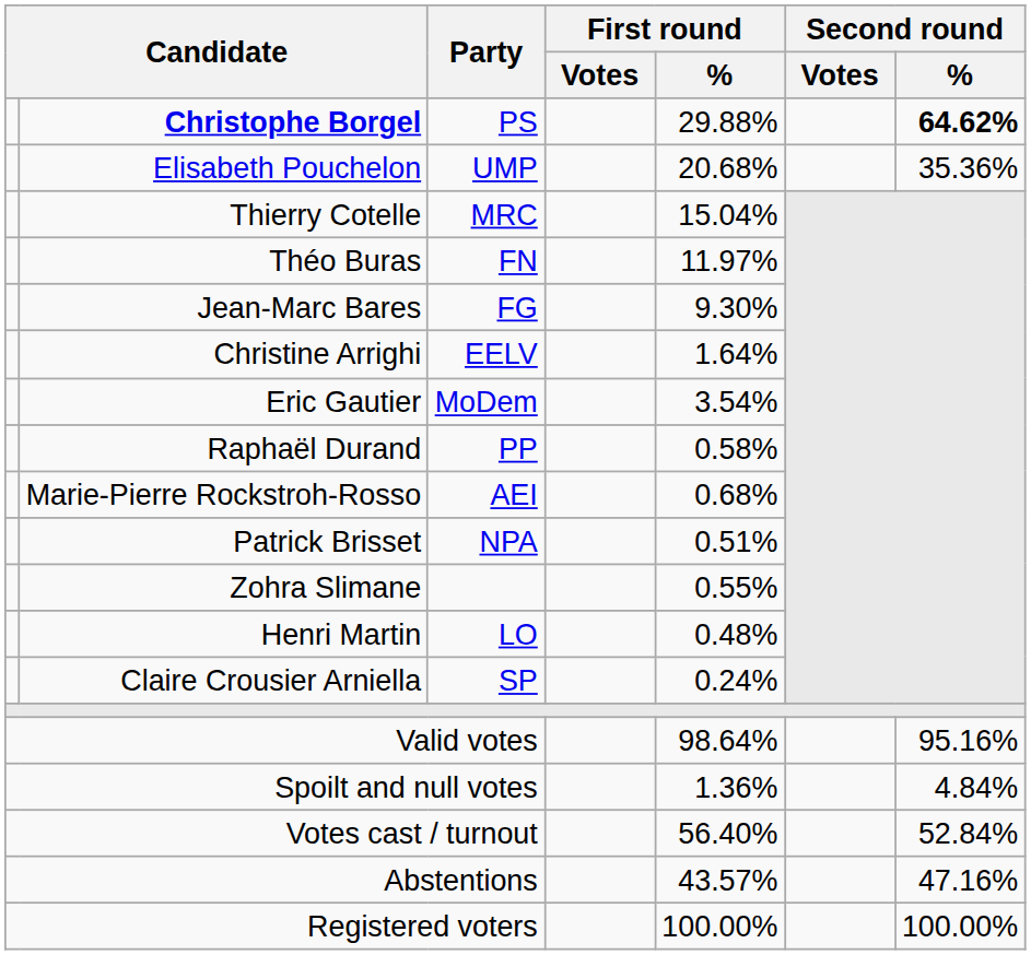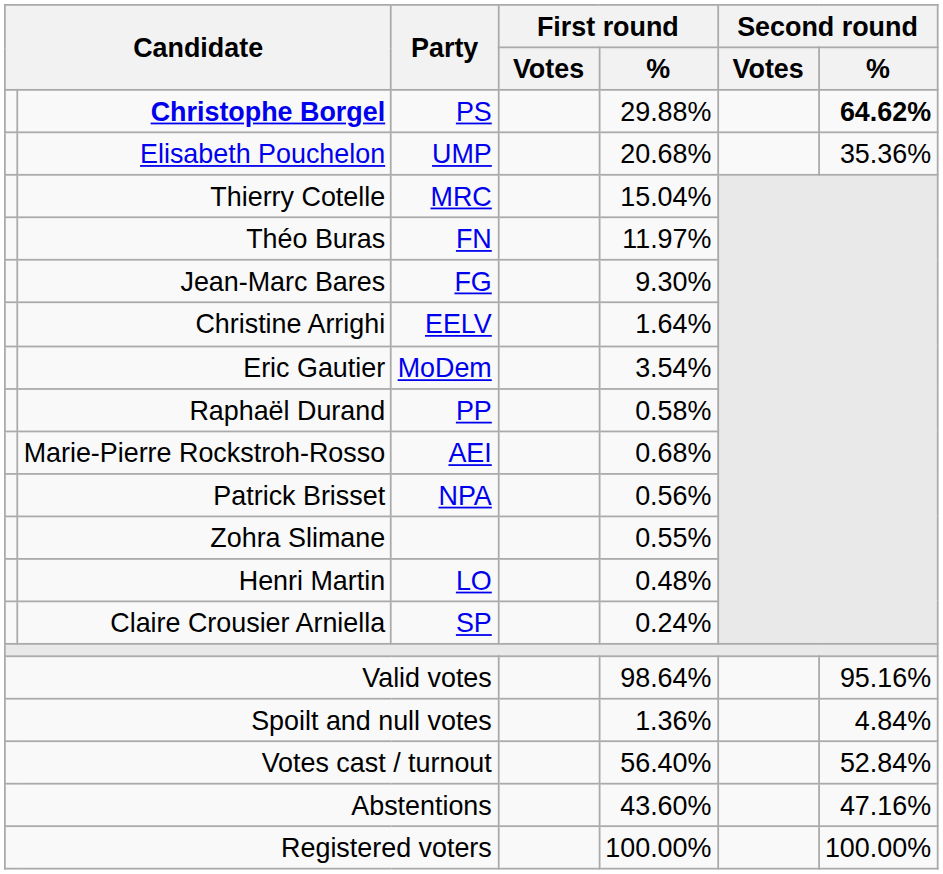 <table class="wikitable" style="text-align:right;font-size:95%;">
 <tr>
 <th rowspan=2 colspan=2>Candidate</th>
 <th rowspan=2 colspan=1>Party</th>
 <th colspan=2>First round</th>
 <th colspan=2>Second round</th>
 </tr>
 <tr>
 <th style="width:50px;">Votes</th>
 <th style="width:55px;">%</th>
 <th style="width:50px;">Votes</th>
 <th style="width:55px;">%</th>
 </tr>
 <tr>
 <td style="color:inherit;background-color:"></td>
 <td><strong><a href='#'>Christophe Borgel</a></strong></td>
 <td><a href='#'>PS</a></td>
 <td></td>
 <td>29.88%</td>
 <td><strong></strong></td>
 <td><strong>64.62%</strong></td>
 </tr>
 <tr>
 <td style="color:inherit;background-color:"></td>
 <td><a href='#'>Elisabeth Pouchelon</a></td>
 <td><a href='#'>UMP</a></td>
 <td></td>
 <td>20.68%</td>
 <td></td>
 <td>35.36%</td>
 </tr>
 <tr>
 <td style="color:inherit;background-color:"></td>
 <td>Thierry Cotelle</td>
 <td><a href='#'>MRC</a></td>
 <td></td>
 <td>15.04%</td>
 <td colspan=7 rowspan=11 style="background-color:#E9E9E9;"></td>
 </tr>
 <tr>
 <td style="color:inherit;background-color:"></td>
 <td>Théo Buras</td>
 <td><a href='#'>FN</a></td>
 <td></td>
 <td>11.97%</td>
 </tr>
 <tr>
 <td style="color:inherit;background-color:"></td>
 <td>Jean-Marc Bares</td>
 <td><a href='#'>FG</a></td>
 <td></td>
 <td>9.30%</td>
 </tr>
 <tr>
 <td style="color:inherit;background-color:"></td>
 <td>Christine Arrighi</td>
 <td><a href='#'>EELV</a></td>
 <td></td>
 <td>1.64%</td>
 </tr>
 <tr>
 <td style="color:inherit;background-color:"></td>
 <td>Eric Gautier</td>
 <td><a href='#'>MoDem</a></td>
 <td></td>
 <td>3.54%</td>
 </tr>
 <tr>
 <td style="color:inherit;background-color:"></td>
 <td>Raphaël Durand</td>
 <td><a href='#'>PP</a></td>
 <td></td>
 <td>0.58%</td>
 </tr>
 <tr>
 <td style="color:inherit;background-color:"></td>
 <td>Marie-Pierre Rockstroh-Rosso</td>
 <td><a href='#'>AEI</a></td>
 <td></td>
 <td>0.68%</td>
 </tr>
 <tr>
 <td style="color:inherit;background-color:"></td>
 <td>Patrick Brisset</td>
 <td><a href='#'>NPA</a></td>
 <td></td>
-<td>0.51%</td>
+<td>0.56%</td>
 </tr>
 <tr>
 <td style="background-color:;"></td>
 <td>Zohra Slimane</td>
 <td></td>
 <td></td>
 <td>0.55%</td>
 </tr>
 <tr>
 <td style="color:inherit;background-color:"></td>
 <td>Henri Martin</td>
 <td><a href='#'>LO</a></td>
 <td></td>
 <td>0.48%</td>
 </tr>
 <tr>
 <td style="color:inherit;background-color:"></td>
 <td>Claire Crousier Arniella</td>
 <td><a href='#'>SP</a></td>
 <td></td>
 <td>0.24%</td>
 </tr>
 <tr>
 <td colspan=7 style="background-color:#E9E9E9;"></td>
 </tr>
 <tr>
 <td colspan=3>Valid votes</td>
 <td></td>
 <td>98.64%</td>
 <td></td>
 <td>95.16%</td>
 </tr>
 <tr>
 <td colspan=3>Spoilt and null votes</td>
 <td></td>
 <td>1.36%</td>
 <td></td>
 <td>4.84%</td>
 </tr>
 <tr>
 <td colspan=3>Votes cast / turnout</td>
 <td></td>
 <td>56.40%</td>
 <td></td>
 <td>52.84%</td>
 </tr>
 <tr>
 <td colspan=3>Abstentions</td>
 <td></td>
-<td>43.57%</td>
+<td>43.60%</td>
 <td></td>
 <td>47.16%</td>
 </tr>
 <tr>
 <td colspan=3>Registered voters</td>
 <td></td>
 <td>100.00%</td>
 <td></td>
 <td>100.00%</td>
 </tr>
 </table>
